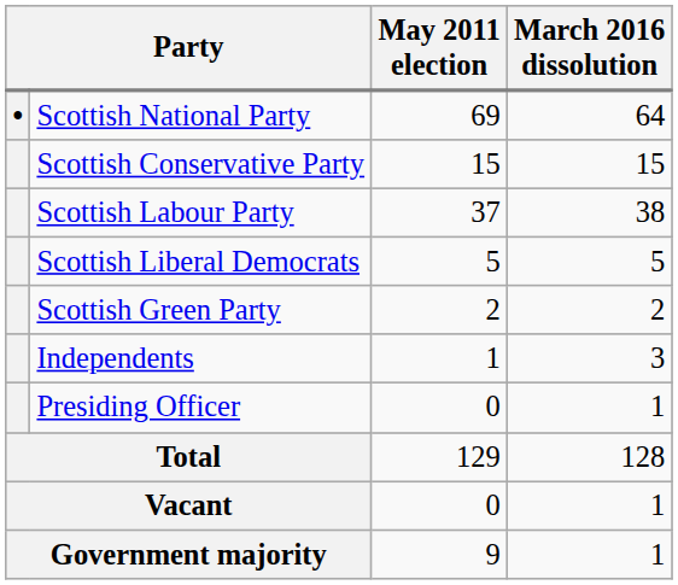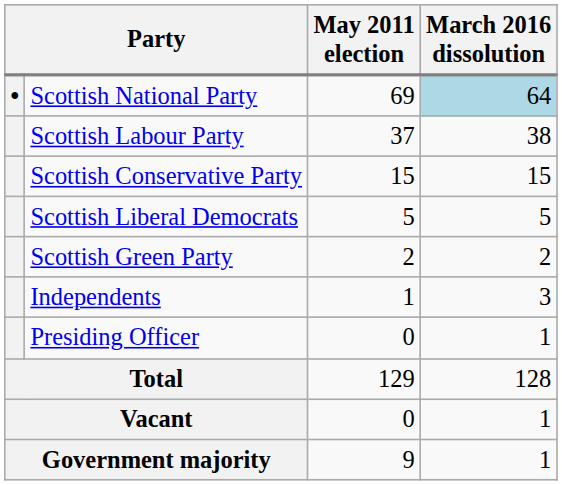 <table class="wikitable" style="font-size: 95%;">
 <tr style="background:#e9e9e9; border-bottom:2px solid gray;">
 <th colspan=2>Party</th>
 <th>May 2011 <br> election</th>
 <th>March 2016 <br> dissolution</th>
 </tr>
 <tr>
 <th style="background-color: "><span>•</span></th>
 <td><a href='#'>Scottish National Party</a></td>
 <td align="right">69</td>
-<td align="right">64</td>
+<td align="right" style="background: lightblue;">64</td>
+</tr>
+<tr>
+<th style="background-color: "></th>
+<td><a href='#'>Scottish Labour Party</a></td>
+<td align="right">37</td>
+<td align="right">38</td>
 </tr>
 <tr>
 <th style="background-color: "></th>
 <td><a href='#'>Scottish Conservative Party</a></td>
 <td align="right">15</td>
 <td align="right">15</td>
-</tr>
-<tr>
-<th style="background-color: "></th>
-<td><a href='#'>Scottish Labour Party</a></td>
-<td align="right">37</td>
-<td align="right">38</td>
 </tr>
 <tr>
 <th style="background-color: "></th>
 <td><a href='#'>Scottish Liberal Democrats</a></td>
 <td align="right">5</td>
 <td align="right">5</td>
 </tr>
 <tr>
 <th style="background-color: "></th>
 <td><a href='#'>Scottish Green Party</a></td>
 <td align="right">2</td>
 <td align="right">2</td>
 </tr>
 <tr>
 <th style="background-color: "></th>
 <td><a href='#'>Independents</a></td>
 <td align="right">1</td>
 <td align="right">3</td>
 </tr>
 <tr>
 <th style="background-color: "></th>
 <td><a href='#'>Presiding Officer</a></td>
 <td align="right">0</td>
 <td align="right">1</td>
 </tr>
 <tr>
 <th colspan="2">Total</th>
 <td style="text-align:right;">129</td>
 <td style="text-align:right;">128</td>
 </tr>
 <tr>
 <th colspan="2">Vacant</th>
 <td align="right">0</td>
 <td align="right">1</td>
 </tr>
 <tr>
 <th colspan="2">Government majority</th>
 <td style="text-align:right;">9</td>
 <td style="text-align:right;">1</td>
 </tr>
 </table>
